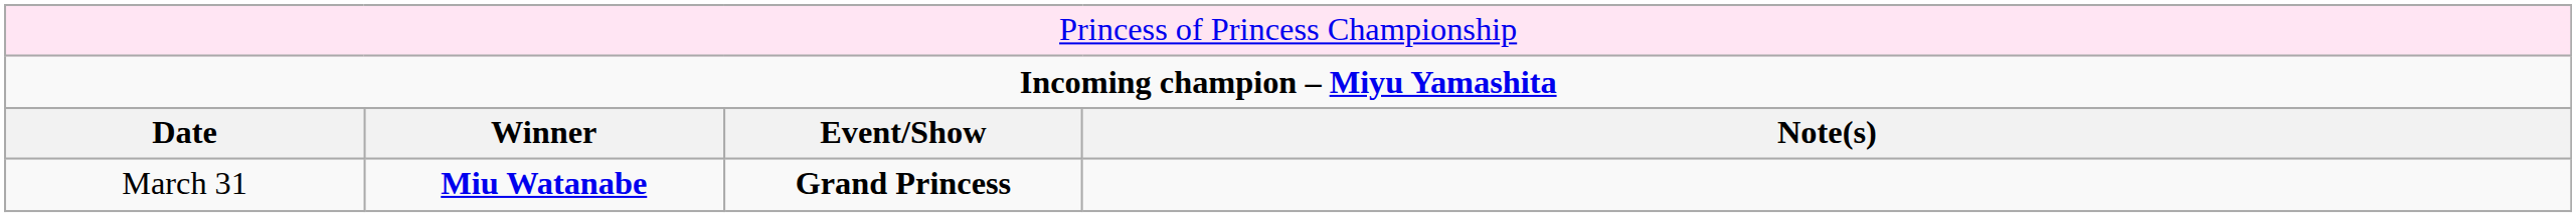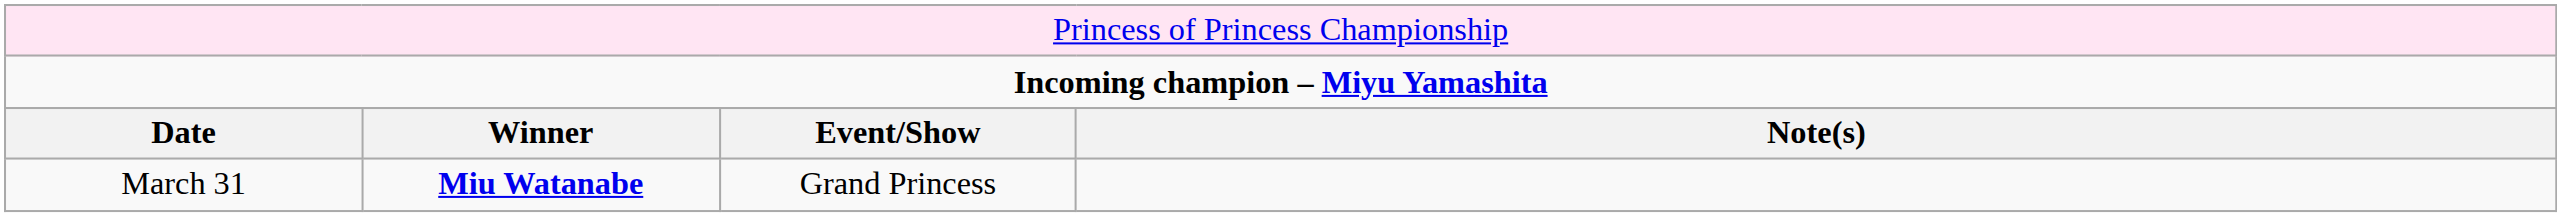 <table class="wikitable" style="text-align:center; width:100%;">
 <tr style="background:#ffe5f3;">
 <td colspan="4" style="text-align: center;"><a href='#'>Princess of Princess Championship</a></td>
 </tr>
 <tr>
 <td colspan="4" style="text-align: center;"><strong>Incoming champion – <a href='#'>Miyu Yamashita</a></strong></td>
 </tr>
 <tr>
 <th width=14%>Date</th>
 <th width=14%>Winner</th>
 <th width=14%>Event/Show</th>
 <th width=58%>Note(s)</th>
 </tr>
 <tr>
 <td>March 31</td>
 <td><strong><a href='#'>Miu Watanabe</a></strong></td>
-<td><strong>Grand Princess</strong></td>
+<td>Grand Princess</td>
 <td></td>
 </tr>
 </table>
